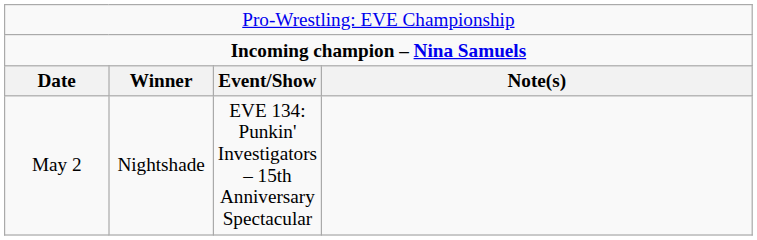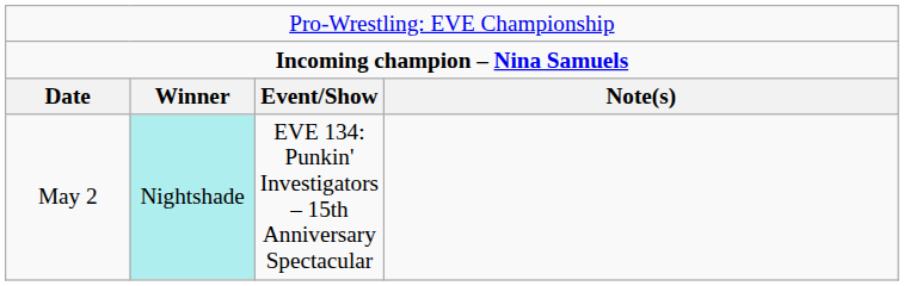 <table class="wikitable" style="text-align:center; width:100%;">
 <tr>
 <td colspan="4" style="text-align: center;"><a href='#'>Pro-Wrestling: EVE Championship</a></td>
 </tr>
 <tr>
 <td colspan="4" style="text-align: center;"><strong>Incoming champion – <a href='#'>Nina Samuels</a></strong></td>
 </tr>
 <tr>
 <th width=14%>Date</th>
 <th width=14%>Winner</th>
 <th width=14%>Event/Show</th>
 <th width=58%>Note(s)</th>
 </tr>
 <tr>
 <td>May 2</td>
-<td>Nightshade</td>
+<td style="background: paleturquoise;">Nightshade</td>
 <td>EVE 134: Punkin' Investigators – 15th Anniversary Spectacular</td>
 </tr>
 </table>
